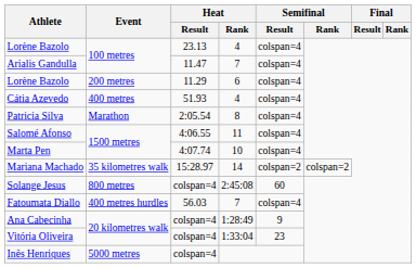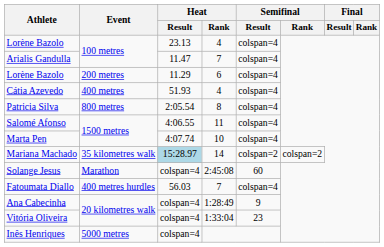 <table class="wikitable" style="font-size:90%">
 <tr>
 <th rowspan="2">Athlete</th>
 <th rowspan="2">Event</th>
 <th colspan="2">Heat</th>
 <th colspan="2">Semifinal</th>
 <th colspan="2">Final</th>
 </tr>
 <tr style="font-size:95%">
 <th>Result</th>
 <th>Rank</th>
 <th>Result</th>
 <th>Rank</th>
 <th>Result</th>
 <th>Rank</th>
 </tr>
 <tr align=center>
 <td align=left><a href='#'>Lorène Bazolo</a></td>
 <td align=left rowspan=2><a href='#'>100 metres</a></td>
 <td>23.13</td>
 <td>4</td>
 <td>colspan=4 </td>
 </tr>
 <tr align=center>
 <td align=left><a href='#'>Arialis Gandulla</a></td>
 <td>11.47</td>
 <td>7</td>
 <td>colspan=4 </td>
 </tr>
 <tr align=center>
 <td align=left><a href='#'>Lorène Bazolo</a></td>
 <td align=left><a href='#'>200 metres</a></td>
 <td>11.29</td>
 <td>6</td>
 <td>colspan=4 </td>
 </tr>
 <tr align=center>
 <td align=left><a href='#'>Cátia Azevedo</a></td>
 <td align=left><a href='#'>400 metres</a></td>
 <td>51.93</td>
 <td>4</td>
 <td>colspan=4 </td>
 </tr>
 <tr align=center>
 <td align=left><a href='#'>Patricia Silva</a></td>
-<td align=left><a href='#'>Marathon</a></td>
+<td align=left><a href='#'>800 metres</a></td>
 <td>2:05.54</td>
 <td>8</td>
 <td>colspan=4 </td>
 </tr>
 <tr align=center>
 <td align=left><a href='#'>Salomé Afonso</a></td>
 <td align=left rowspan=2><a href='#'>1500 metres</a></td>
 <td>4:06.55</td>
 <td>11</td>
 <td>colspan=4 </td>
 </tr>
 <tr align=center>
 <td align=left><a href='#'>Marta Pen</a></td>
 <td>4:07.74</td>
 <td>10</td>
 <td>colspan=4 </td>
 </tr>
 <tr align=center>
 <td align=left><a href='#'>Mariana Machado</a></td>
 <td align=left><a href='#'>35 kilometres walk</a></td>
-<td>15:28.97</td>
+<td style="background: lightblue;">15:28.97</td>
 <td>14</td>
 <td>colspan=2</td>
 <td>colspan=2 </td>
 </tr>
 <tr align=center>
 <td align=left><a href='#'>Solange Jesus</a></td>
-<td align=left><a href='#'>800 metres</a></td>
+<td align=left><a href='#'>Marathon</a></td>
 <td>colspan=4</td>
 <td>2:45:08</td>
 <td>60</td>
 </tr>
 <tr align=center>
 <td align=left><a href='#'>Fatoumata Diallo</a></td>
 <td align=left><a href='#'>400 metres hurdles</a></td>
 <td>56.03</td>
 <td>7</td>
 <td>colspan=4 </td>
 </tr>
 <tr align=center>
 <td align=left><a href='#'>Ana Cabecinha</a></td>
 <td align=left rowspan=2><a href='#'>20 kilometres walk</a></td>
 <td>colspan=4</td>
 <td>1:28:49 </td>
 <td>9</td>
 </tr>
 <tr align=center>
 <td align=left><a href='#'>Vitória Oliveira</a></td>
 <td>colspan=4</td>
 <td>1:33:04 </td>
 <td>23</td>
 </tr>
 <tr align=center>
 <td align=left><a href='#'>Inês Henriques</a></td>
 <td align=left><a href='#'>5000 metres</a></td>
 <td>colspan=4</td>
 <td colspan=2></td>
 </tr>
 </table>
